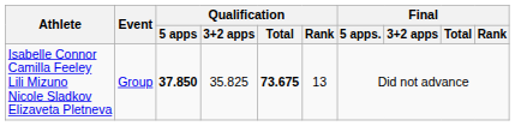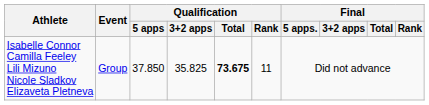 <table class=wikitable style=font-size:90%>
 <tr>
 <th rowspan=2>Athlete</th>
 <th rowspan=2>Event</th>
 <th colspan=4>Qualification</th>
 <th colspan=4>Final</th>
 </tr>
 <tr style=font-size:95%>
 <th>5 apps</th>
 <th>3+2 apps</th>
 <th>Total</th>
 <th>Rank</th>
 <th>5 apps.</th>
 <th>3+2 apps</th>
 <th>Total</th>
 <th>Rank</th>
 </tr>
 <tr align=center>
 <td align=left><a href='#'>Isabelle Connor</a><br><a href='#'>Camilla Feeley</a><br><a href='#'>Lili Mizuno</a><br><a href='#'>Nicole Sladkov</a><br><a href='#'>Elizaveta Pletneva</a></td>
 <td align=left><a href='#'>Group</a></td>
-<td><strong>37.850</strong></td>
+<td>37.850</td>
 <td>35.825</td>
 <td><strong>73.675</strong></td>
-<td>13</td>
+<td>11</td>
 <td colspan=4>Did not advance</td>
 </tr>
 </table>
